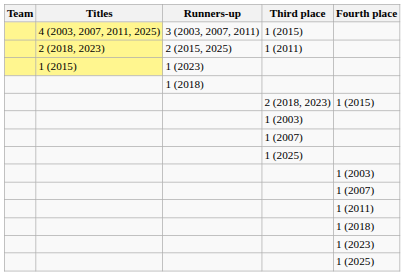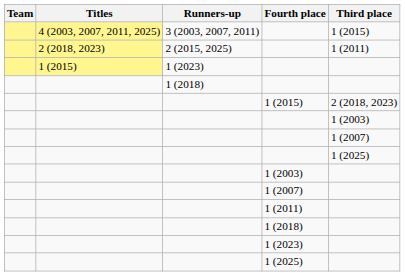 <table class=wikitable>
 <tr>
 <th>Team</th>
 <th>Titles</th>
 <th>Runners-up</th>
+<th>Fourth place</th>
 <th>Third place</th>
-<th>Fourth place</th>
 </tr>
 <tr>
 <td style=background:#FFF68F></td>
 <td style=background:#FFF68F>4 (2003, 2007, 2011, 2025)</td>
 <td>3 (2003, 2007, 2011)</td>
+<td></td>
 <td>1 (2015)</td>
-<td></td>
 </tr>
 <tr>
 <td style=background:#FFF68F></td>
 <td style=background:#FFF68F>2 (2018, 2023)</td>
 <td>2 (2015, 2025)</td>
+<td></td>
 <td>1 (2011)</td>
-<td></td>
 </tr>
 <tr>
 <td style=background:#FFF68F></td>
 <td style=background:#FFF68F>1 (2015)</td>
 <td>1 (2023)</td>
 <td></td>
 <td></td>
 </tr>
 <tr>
 <td></td>
 <td></td>
 <td>1 (2018)</td>
 <td></td>
 <td></td>
 </tr>
 <tr>
 <td></td>
 <td></td>
 <td></td>
+<td>1 (2015)</td>
 <td>2 (2018, 2023)</td>
-<td>1 (2015)</td>
-</tr>
-<tr>
-<td></td>
-<td></td>
-<td></td>
-<td>1 (2003)</td>
-<td></td>
-</tr>
-<tr>
-<td></td>
-<td></td>
-<td></td>
-<td>1 (2007)</td>
-<td></td>
-</tr>
-<tr>
-<td></td>
-<td></td>
-<td></td>
-<td>1 (2025)</td>
-<td></td>
 </tr>
 <tr>
 <td></td>
 <td></td>
 <td></td>
 <td></td>
 <td>1 (2003)</td>
 </tr>
 <tr>
 <td></td>
 <td></td>
 <td></td>
 <td></td>
 <td>1 (2007)</td>
 </tr>
 <tr>
 <td></td>
 <td></td>
 <td></td>
 <td></td>
-<td>1 (2011)</td>
+<td>1 (2025)</td>
 </tr>
 <tr>
 <td></td>
 <td></td>
 <td></td>
+<td>1 (2003)</td>
 <td></td>
-<td>1 (2018)</td>
 </tr>
 <tr>
 <td></td>
 <td></td>
 <td></td>
+<td>1 (2007)</td>
 <td></td>
-<td>1 (2023)</td>
 </tr>
 <tr>
 <td></td>
 <td></td>
 <td></td>
+<td>1 (2011)</td>
+<td></td>
+</tr>
+<tr>
+<td></td>
+<td></td>
+<td></td>
+<td>1 (2018)</td>
+<td></td>
+</tr>
+<tr>
+<td></td>
+<td></td>
+<td></td>
+<td>1 (2023)</td>
+<td></td>
+</tr>
+<tr>
+<td></td>
+<td></td>
 <td></td>
 <td>1 (2025)</td>
+<td></td>
 </tr>
 </table>
